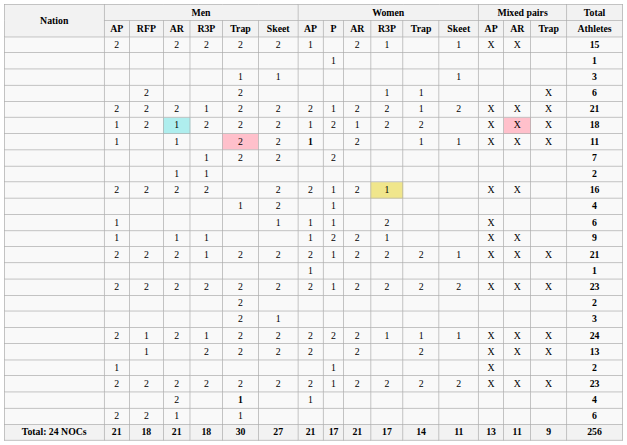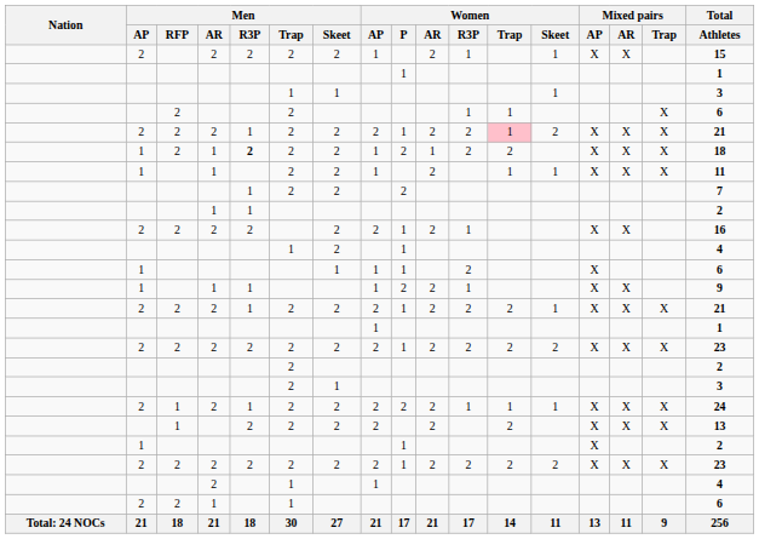 <table class="wikitable" width=910 style="text-align:center; font-size:90%">
 <tr>
 <th rowspan="2" align="left">Nation</th>
 <th colspan="6">Men</th>
 <th colspan="6">Women</th>
 <th colspan="3">Mixed pairs</th>
 <th colspan="2">Total</th>
 </tr>
 <tr>
 <th>AP</th>
 <th>RFP</th>
 <th>AR</th>
 <th>R3P</th>
 <th>Trap</th>
 <th>Skeet</th>
 <th>AP</th>
 <th>P</th>
 <th>AR</th>
 <th>R3P</th>
 <th>Trap</th>
 <th>Skeet</th>
 <th>AP</th>
 <th>AR</th>
 <th>Trap</th>
 <th>Athletes</th>
 </tr>
 <tr>
 <td align="left"></td>
 <td>2</td>
 <td></td>
 <td>2</td>
 <td>2</td>
 <td>2</td>
 <td>2</td>
 <td>1</td>
 <td></td>
 <td>2</td>
 <td>1</td>
 <td></td>
 <td>1</td>
 <td>X</td>
 <td>X</td>
 <td></td>
 <td><strong>15</strong></td>
 </tr>
 <tr>
 <td align="left"></td>
 <td></td>
 <td></td>
 <td></td>
 <td></td>
 <td></td>
 <td></td>
 <td></td>
 <td>1</td>
 <td></td>
 <td></td>
 <td></td>
 <td></td>
 <td></td>
 <td></td>
 <td></td>
 <td><strong>1</strong></td>
 </tr>
 <tr>
 <td align="left"></td>
 <td></td>
 <td></td>
 <td></td>
 <td></td>
 <td>1</td>
 <td>1</td>
 <td></td>
 <td></td>
 <td></td>
 <td></td>
 <td></td>
 <td>1</td>
 <td></td>
 <td></td>
 <td></td>
 <td><strong>3</strong></td>
 </tr>
 <tr>
 <td align="left"></td>
 <td></td>
 <td>2</td>
 <td></td>
 <td></td>
 <td>2</td>
 <td></td>
 <td></td>
 <td></td>
 <td></td>
 <td>1</td>
 <td>1</td>
 <td></td>
 <td></td>
 <td></td>
 <td>X</td>
 <td><strong>6</strong></td>
 </tr>
 <tr>
 <td align="left"></td>
 <td>2</td>
 <td>2</td>
 <td>2</td>
 <td>1</td>
 <td>2</td>
 <td>2</td>
 <td>2</td>
 <td>1</td>
 <td>2</td>
 <td>2</td>
-<td>1</td>
+<td style="background: pink;">1</td>
 <td>2</td>
 <td>X</td>
 <td>X</td>
 <td>X</td>
 <td><strong>21</strong></td>
 </tr>
 <tr>
 <td align="left"></td>
 <td>1</td>
 <td>2</td>
-<td style="background: paleturquoise;">1</td>
-<td>2</td>
+<td>1</td>
+<td><strong>2</strong></td>
 <td>2</td>
 <td>2</td>
 <td>1</td>
 <td>2</td>
 <td>1</td>
 <td>2</td>
 <td>2</td>
 <td></td>
 <td>X</td>
-<td style="background: pink;">X</td>
+<td>X</td>
 <td>X</td>
 <td><strong>18</strong></td>
 </tr>
 <tr>
 <td align="left"></td>
 <td>1</td>
 <td></td>
 <td>1</td>
 <td></td>
-<td style="background: pink;">2</td>
 <td>2</td>
-<td><strong>1</strong></td>
+<td>2</td>
+<td>1</td>
 <td></td>
 <td>2</td>
 <td></td>
 <td>1</td>
 <td>1</td>
 <td>X</td>
 <td>X</td>
 <td>X</td>
 <td><strong>11</strong></td>
 </tr>
 <tr>
 <td align="left"></td>
 <td></td>
 <td></td>
 <td></td>
 <td>1</td>
 <td>2</td>
 <td>2</td>
 <td></td>
 <td>2</td>
 <td></td>
 <td></td>
 <td></td>
 <td></td>
 <td></td>
 <td></td>
 <td></td>
 <td><strong>7</strong></td>
 </tr>
 <tr>
 <td align="left"></td>
 <td></td>
 <td></td>
 <td>1</td>
 <td>1</td>
 <td></td>
 <td></td>
 <td></td>
 <td></td>
 <td></td>
 <td></td>
 <td></td>
 <td></td>
 <td></td>
 <td></td>
 <td></td>
 <td><strong>2</strong></td>
 </tr>
 <tr>
 <td align="left"></td>
 <td>2</td>
 <td>2</td>
 <td>2</td>
 <td>2</td>
 <td></td>
 <td>2</td>
 <td>2</td>
 <td>1</td>
 <td>2</td>
-<td style="background: khaki;">1</td>
+<td>1</td>
 <td></td>
 <td></td>
 <td>X</td>
 <td>X</td>
 <td></td>
 <td><strong>16</strong></td>
 </tr>
 <tr>
 <td align="left"></td>
 <td></td>
 <td></td>
 <td></td>
 <td></td>
 <td>1</td>
 <td>2</td>
 <td></td>
 <td>1</td>
 <td></td>
 <td></td>
 <td></td>
 <td></td>
 <td></td>
 <td></td>
 <td></td>
 <td><strong>4</strong></td>
 </tr>
 <tr>
 <td align="left"></td>
 <td>1</td>
 <td></td>
 <td></td>
 <td></td>
 <td></td>
 <td>1</td>
 <td>1</td>
 <td>1</td>
 <td></td>
 <td>2</td>
 <td></td>
 <td></td>
 <td>X</td>
 <td></td>
 <td></td>
 <td><strong>6</strong></td>
 </tr>
 <tr>
 <td align="left"></td>
 <td>1</td>
 <td></td>
 <td>1</td>
 <td>1</td>
 <td></td>
 <td></td>
 <td>1</td>
 <td>2</td>
 <td>2</td>
 <td>1</td>
 <td></td>
 <td></td>
 <td>X</td>
 <td>X</td>
 <td></td>
 <td><strong>9</strong></td>
 </tr>
 <tr>
 <td align="left"></td>
 <td>2</td>
 <td>2</td>
 <td>2</td>
 <td>1</td>
 <td>2</td>
 <td>2</td>
 <td>2</td>
 <td>1</td>
 <td>2</td>
 <td>2</td>
 <td>2</td>
 <td>1</td>
 <td>X</td>
 <td>X</td>
 <td>X</td>
 <td><strong>21</strong></td>
 </tr>
 <tr>
 <td align="left"></td>
 <td></td>
 <td></td>
 <td></td>
 <td></td>
 <td></td>
 <td></td>
 <td>1</td>
 <td></td>
 <td></td>
 <td></td>
 <td></td>
 <td></td>
 <td></td>
 <td></td>
 <td></td>
 <td><strong>1</strong></td>
 </tr>
 <tr>
 <td align="left"></td>
 <td>2</td>
 <td>2</td>
 <td>2</td>
 <td>2</td>
 <td>2</td>
 <td>2</td>
 <td>2</td>
 <td>1</td>
 <td>2</td>
 <td>2</td>
 <td>2</td>
 <td>2</td>
 <td>X</td>
 <td>X</td>
 <td>X</td>
 <td><strong>23</strong></td>
 </tr>
 <tr>
 <td align="left"></td>
 <td></td>
 <td></td>
 <td></td>
 <td></td>
 <td>2</td>
 <td></td>
 <td></td>
 <td></td>
 <td></td>
 <td></td>
 <td></td>
 <td></td>
 <td></td>
 <td></td>
 <td></td>
 <td><strong>2</strong></td>
 </tr>
 <tr>
 <td align="left"></td>
 <td></td>
 <td></td>
 <td></td>
 <td></td>
 <td>2</td>
 <td>1</td>
 <td></td>
 <td></td>
 <td></td>
 <td></td>
 <td></td>
 <td></td>
 <td></td>
 <td></td>
 <td></td>
 <td><strong>3</strong></td>
 </tr>
 <tr>
 <td align="left"></td>
 <td>2</td>
 <td>1</td>
 <td>2</td>
 <td>1</td>
 <td>2</td>
 <td>2</td>
 <td>2</td>
 <td>2</td>
 <td>2</td>
 <td>1</td>
 <td>1</td>
 <td>1</td>
 <td>X</td>
 <td>X</td>
 <td>X</td>
 <td><strong>24</strong></td>
 </tr>
 <tr>
 <td align="left"></td>
 <td></td>
 <td>1</td>
 <td></td>
 <td>2</td>
 <td>2</td>
 <td>2</td>
 <td>2</td>
 <td></td>
 <td>2</td>
 <td></td>
 <td>2</td>
 <td></td>
 <td>X</td>
 <td>X</td>
 <td>X</td>
 <td><strong>13</strong></td>
 </tr>
 <tr>
 <td align="left"></td>
 <td>1</td>
 <td></td>
 <td></td>
 <td></td>
 <td></td>
 <td></td>
 <td></td>
 <td>1</td>
 <td></td>
 <td></td>
 <td></td>
 <td></td>
 <td>X</td>
 <td></td>
 <td></td>
 <td><strong>2</strong></td>
 </tr>
 <tr>
 <td align="left"></td>
 <td>2</td>
 <td>2</td>
 <td>2</td>
 <td>2</td>
 <td>2</td>
 <td>2</td>
 <td>2</td>
 <td>1</td>
 <td>2</td>
 <td>2</td>
 <td>2</td>
 <td>2</td>
 <td>X</td>
 <td>X</td>
 <td>X</td>
 <td><strong>23</strong></td>
 </tr>
 <tr>
 <td align="left"></td>
 <td></td>
 <td></td>
 <td>2</td>
 <td></td>
-<td><strong>1</strong></td>
+<td>1</td>
 <td></td>
 <td>1</td>
 <td></td>
 <td></td>
 <td></td>
 <td></td>
 <td></td>
 <td></td>
 <td></td>
 <td></td>
 <td><strong>4</strong></td>
 </tr>
 <tr>
 <td align="left"></td>
 <td>2</td>
 <td>2</td>
 <td>1</td>
 <td></td>
 <td>1</td>
 <td></td>
 <td></td>
 <td></td>
 <td></td>
 <td></td>
 <td></td>
 <td></td>
 <td></td>
 <td></td>
 <td></td>
 <td><strong>6</strong></td>
 </tr>
 <tr>
 <th>Total: 24 NOCs</th>
 <th>21</th>
 <th>18</th>
 <th>21</th>
 <th>18</th>
 <th>30</th>
 <th>27</th>
 <th>21</th>
 <th>17</th>
 <th>21</th>
 <th>17</th>
 <th>14</th>
 <th>11</th>
 <th>13</th>
 <th>11</th>
 <th>9</th>
 <th>256</th>
 </tr>
 </table>
